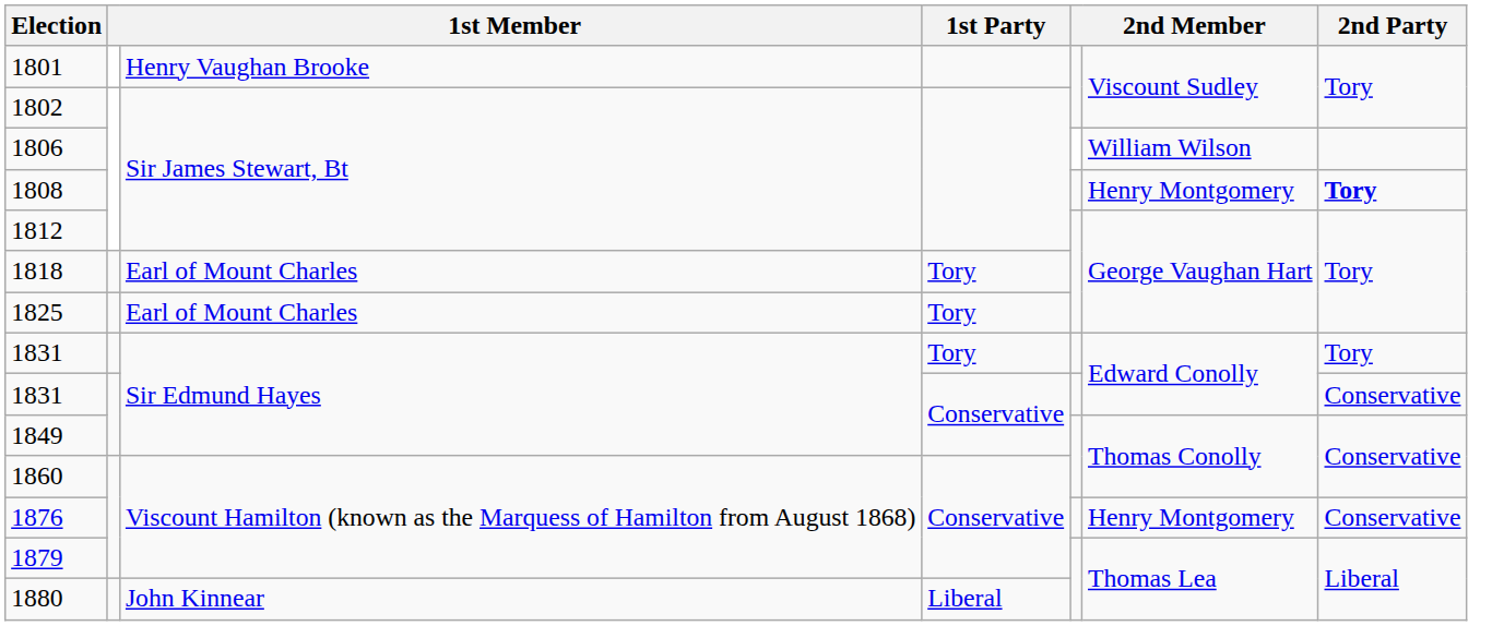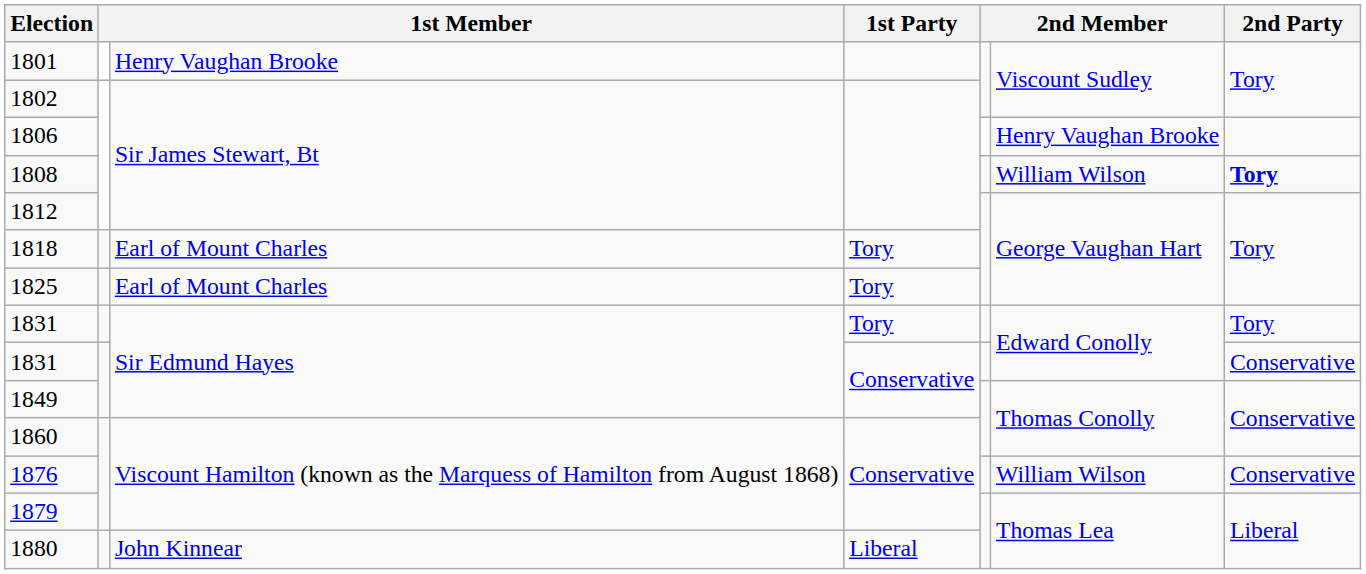 <table class="wikitable">
 <tr>
 <th>Election</th>
 <th colspan="2">1st Member</th>
 <th>1st Party</th>
 <th colspan="2">2nd Member</th>
 <th>2nd Party</th>
 </tr>
 <tr>
 <td>1801</td>
 <td style="color:inherit;background-color: white"></td>
 <td><a href='#'>Henry Vaughan Brooke</a></td>
 <td></td>
 <td rowspan="2" style="color:inherit;background-color: "></td>
 <td rowspan="2"><a href='#'>Viscount Sudley</a></td>
 <td rowspan="2"><a href='#'>Tory</a></td>
 </tr>
 <tr>
 <td>1802</td>
 <td rowspan="4" style="color:inherit;background-color: white"></td>
 <td rowspan="4"><a href='#'>Sir James Stewart, Bt</a></td>
 <td rowspan="4"></td>
 </tr>
 <tr>
 <td>1806</td>
 <td style="color:inherit;background-color: white"></td>
-<td><a href='#'>William Wilson</a></td>
+<td><a href='#'>Henry Vaughan Brooke</a></td>
 <td></td>
 </tr>
 <tr>
 <td>1808</td>
 <td style="color:inherit;background-color: "></td>
-<td><a href='#'>Henry Montgomery</a></td>
+<td><a href='#'>William Wilson</a></td>
 <td><strong><a href='#'>Tory</a></strong></td>
 </tr>
 <tr>
 <td>1812</td>
 <td rowspan="3" style="color:inherit;background-color: "></td>
 <td rowspan="3"><a href='#'>George Vaughan Hart</a></td>
 <td rowspan="3"><a href='#'>Tory</a></td>
 </tr>
 <tr>
 <td>1818</td>
 <td style="color:inherit;background-color: "></td>
 <td><a href='#'>Earl of Mount Charles</a></td>
 <td><a href='#'>Tory</a></td>
 </tr>
 <tr>
 <td>1825</td>
 <td style="color:inherit;background-color: "></td>
 <td><a href='#'>Earl of Mount Charles</a></td>
 <td><a href='#'>Tory</a></td>
 </tr>
 <tr>
 <td>1831</td>
 <td style="color:inherit;background-color: "></td>
 <td rowspan="3"><a href='#'>Sir Edmund Hayes</a></td>
 <td><a href='#'>Tory</a></td>
 <td style="color:inherit;background-color: "></td>
 <td rowspan="2"><a href='#'>Edward Conolly</a></td>
 <td><a href='#'>Tory</a></td>
 </tr>
 <tr>
 <td>1831</td>
 <td rowspan="2" style="color:inherit;background-color: "></td>
 <td rowspan="2"><a href='#'>Conservative</a></td>
 <td style="color:inherit;background-color: "></td>
 <td><a href='#'>Conservative</a></td>
 </tr>
 <tr>
 <td>1849</td>
 <td rowspan="2" style="color:inherit;background-color: "></td>
 <td rowspan="2"><a href='#'>Thomas Conolly</a></td>
 <td rowspan="2"><a href='#'>Conservative</a></td>
 </tr>
 <tr>
 <td>1860</td>
 <td rowspan="3" style="color:inherit;background-color: "></td>
 <td rowspan="3"><a href='#'>Viscount Hamilton</a> (known as the <a href='#'>Marquess of Hamilton</a> from August 1868)</td>
 <td rowspan="3"><a href='#'>Conservative</a></td>
 </tr>
 <tr>
 <td><a href='#'>1876</a></td>
 <td style="color:inherit;background-color: "></td>
-<td><a href='#'>Henry Montgomery</a></td>
+<td><a href='#'>William Wilson</a></td>
 <td><a href='#'>Conservative</a></td>
 </tr>
 <tr>
 <td><a href='#'>1879</a></td>
 <td rowspan="2" style="color:inherit;background-color: "></td>
 <td rowspan="2"><a href='#'>Thomas Lea</a></td>
 <td rowspan="2"><a href='#'>Liberal</a></td>
 </tr>
 <tr>
 <td>1880</td>
 <td style="color:inherit;background-color: "></td>
 <td><a href='#'>John Kinnear</a></td>
 <td><a href='#'>Liberal</a></td>
 </tr>
 </table>
